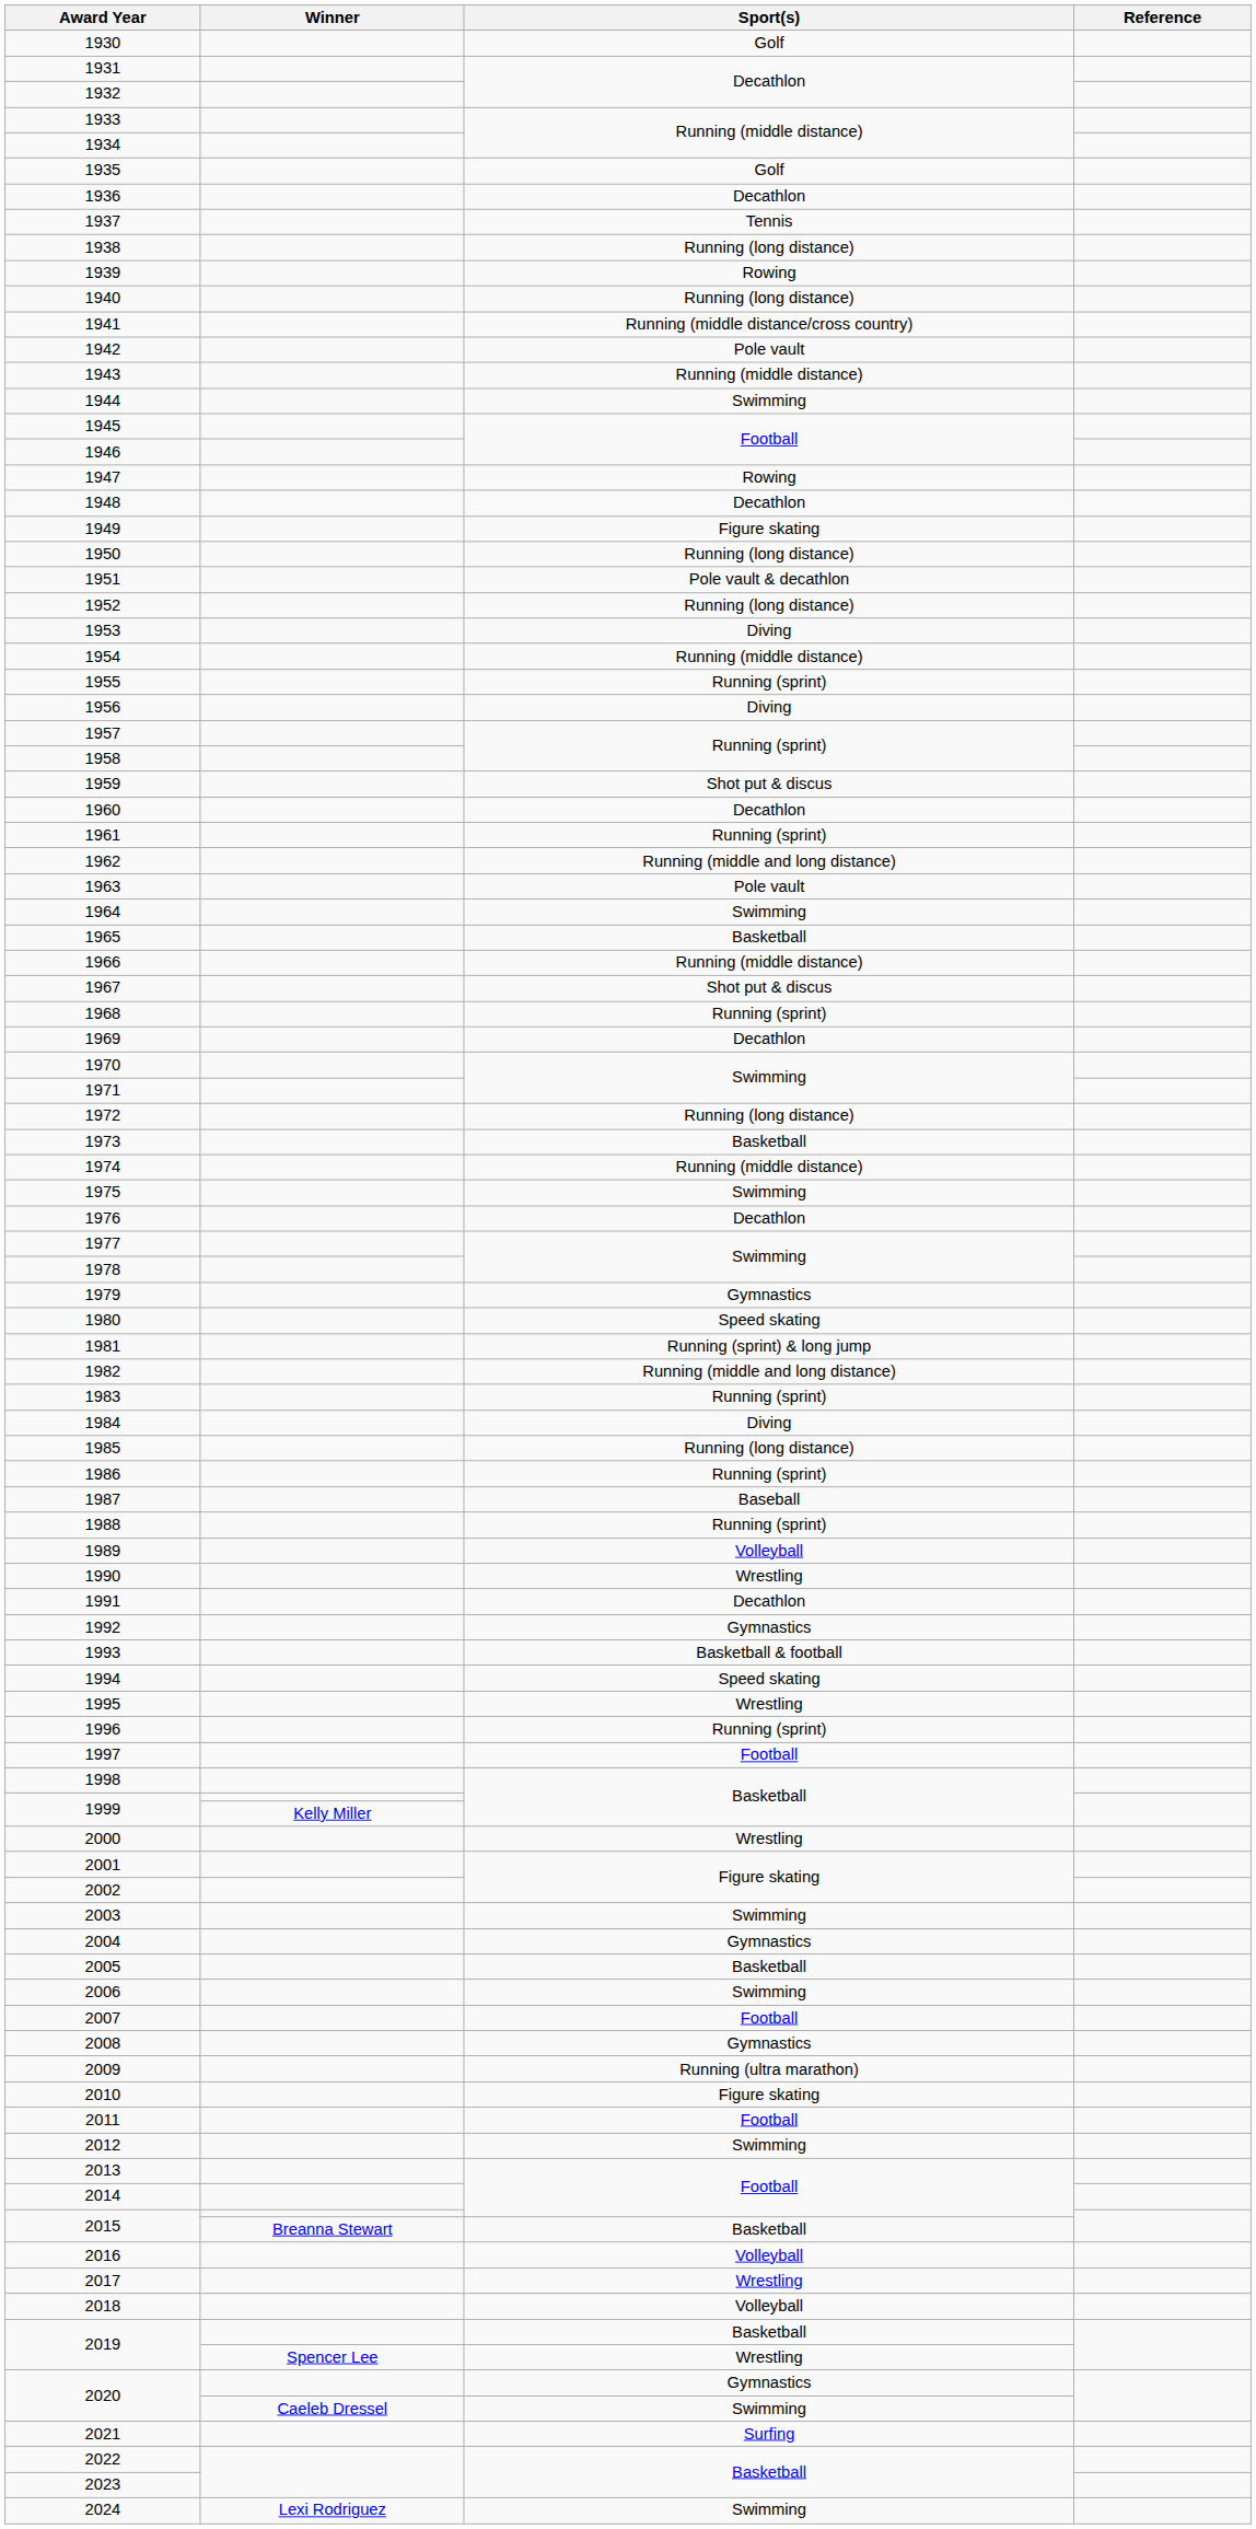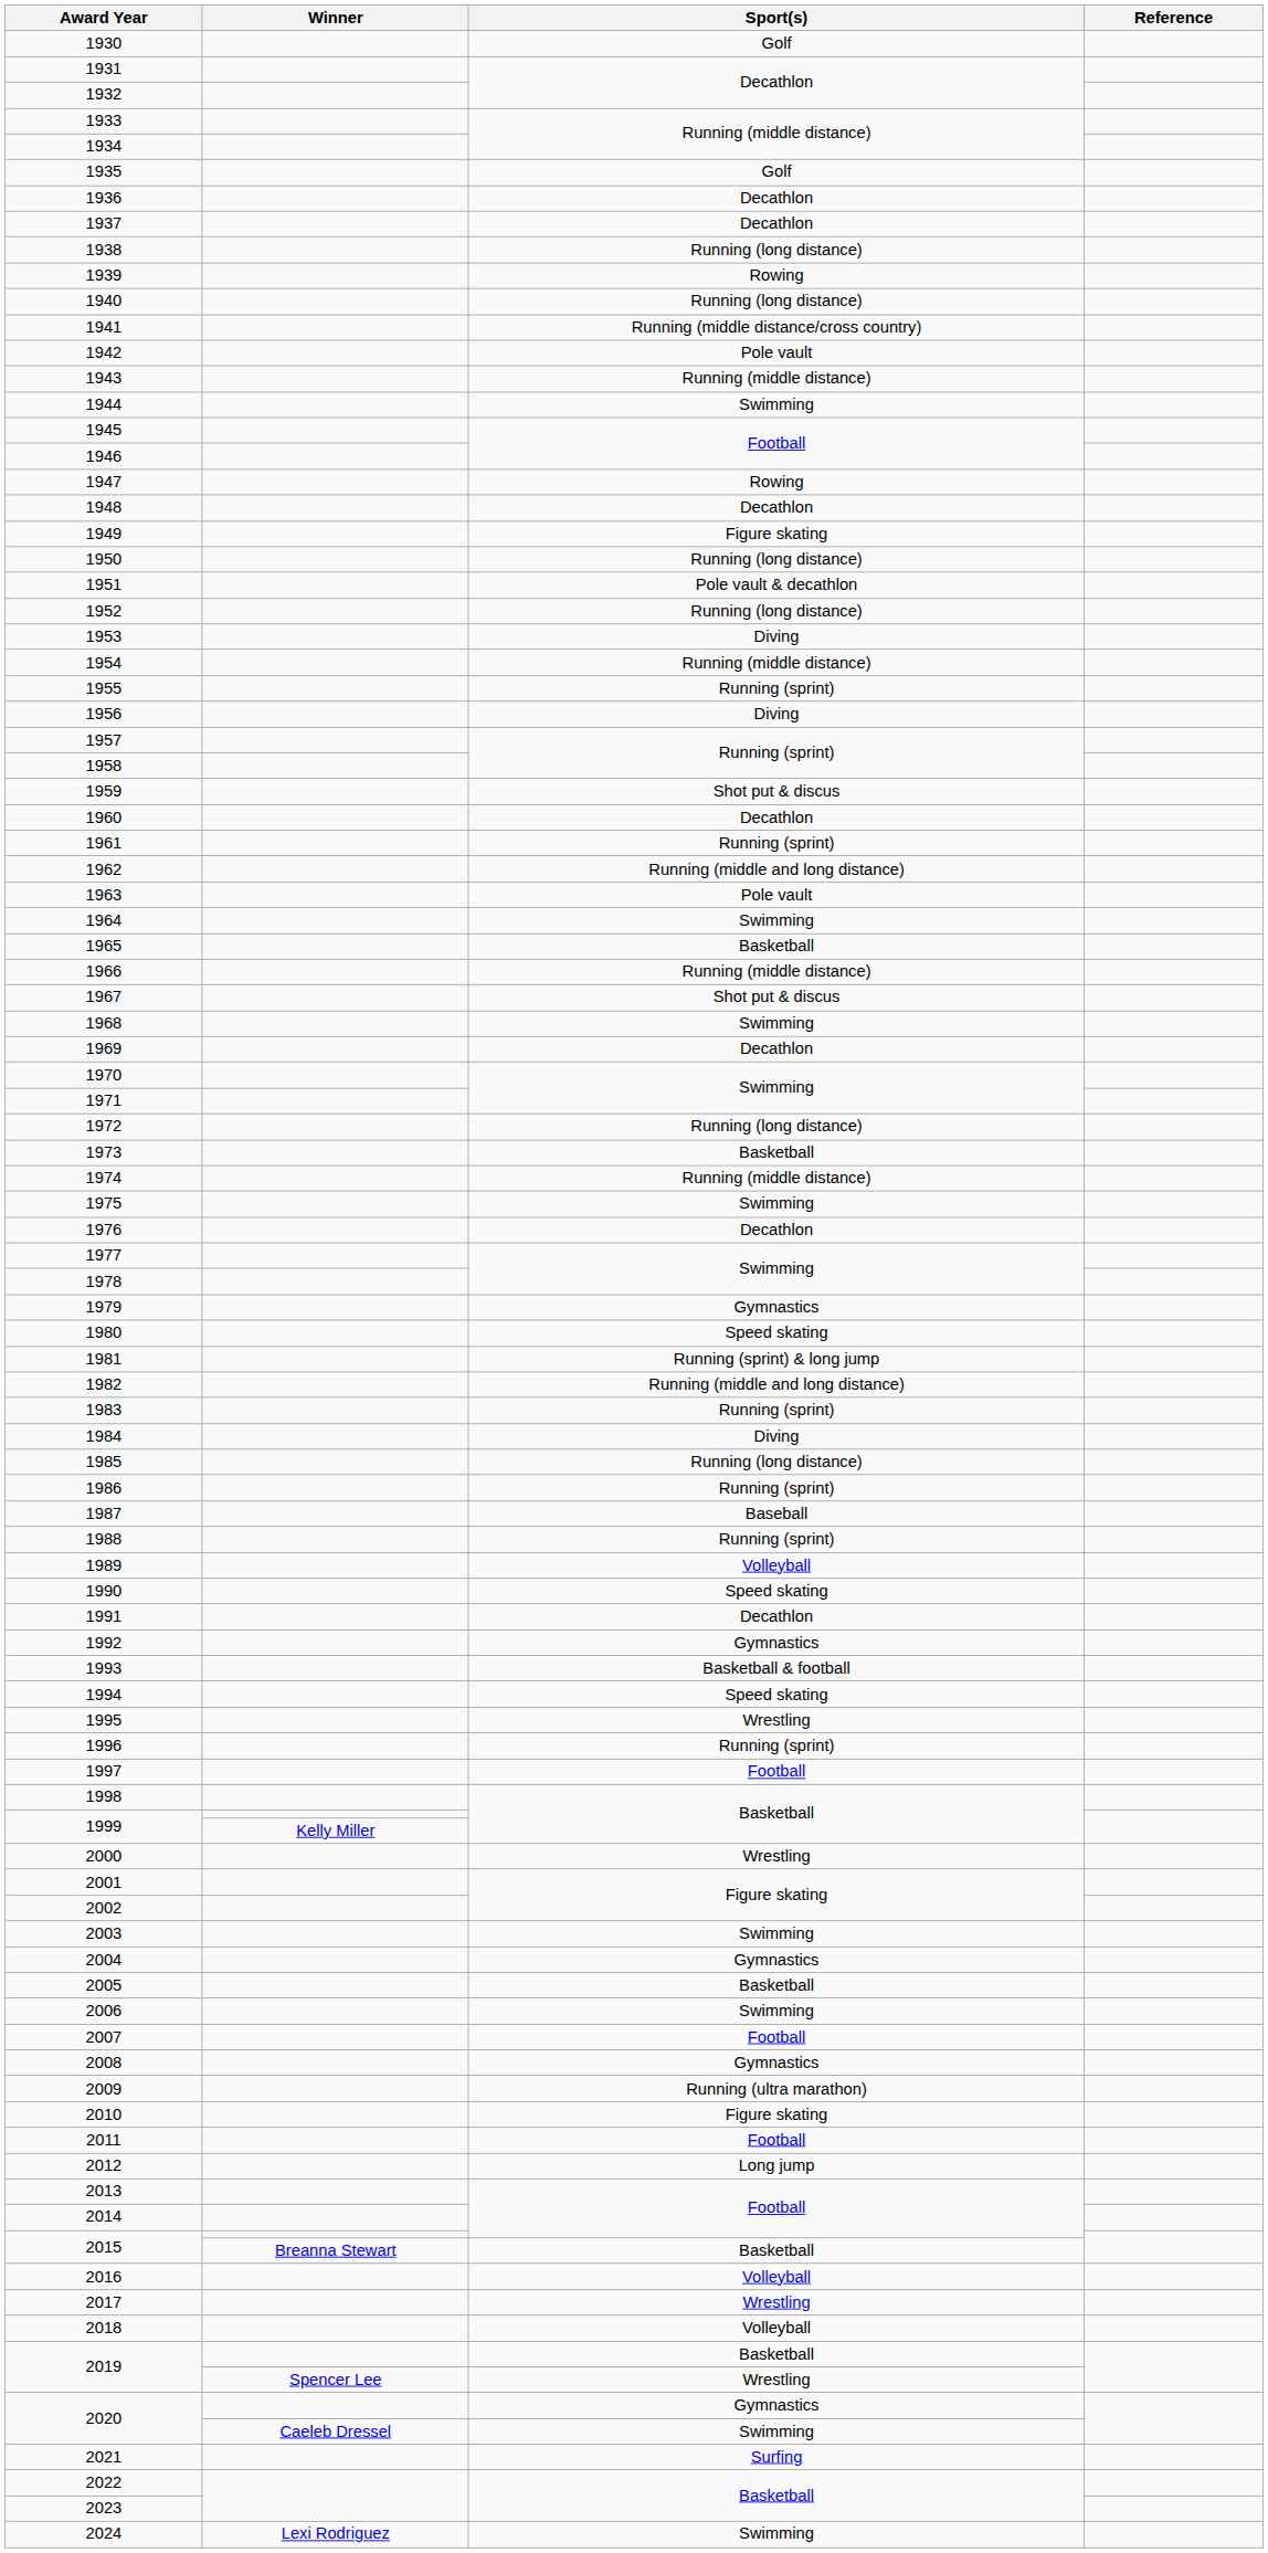 <table class="wikitable sortable plainrowheaders" align="center" style="width:98%;">
 <tr>
 <th scope=col>Award Year</th>
 <th scope=col>Winner</th>
 <th scope=col>Sport(s)</th>
 <th scope=col class="unsortable">Reference</th>
 </tr>
 <tr align=center>
 <td>1930</td>
 <td></td>
 <td>Golf</td>
 <td></td>
 </tr>
 <tr align=center>
 <td>1931</td>
 <td></td>
 <td rowspan=2>Decathlon</td>
 <td></td>
 </tr>
 <tr align=center>
 <td>1932</td>
 <td></td>
 <td></td>
 </tr>
 <tr align=center>
 <td>1933</td>
 <td></td>
 <td rowspan=2>Running (middle distance)</td>
 <td></td>
 </tr>
 <tr align=center>
 <td>1934</td>
 <td></td>
 <td></td>
 </tr>
 <tr align=center>
 <td>1935</td>
 <td></td>
 <td>Golf</td>
 <td></td>
 </tr>
 <tr align=center>
 <td>1936</td>
 <td></td>
 <td>Decathlon</td>
 <td></td>
 </tr>
 <tr align=center>
 <td>1937</td>
 <td></td>
-<td>Tennis</td>
+<td>Decathlon</td>
 <td></td>
 </tr>
 <tr align=center>
 <td>1938</td>
 <td></td>
 <td>Running (long distance)</td>
 <td></td>
 </tr>
 <tr align=center>
 <td>1939</td>
 <td></td>
 <td>Rowing</td>
 <td></td>
 </tr>
 <tr align=center>
 <td>1940</td>
 <td></td>
 <td>Running (long distance)</td>
 <td></td>
 </tr>
 <tr align=center>
 <td>1941</td>
 <td></td>
 <td>Running (middle distance/cross country)</td>
 <td></td>
 </tr>
 <tr align=center>
 <td>1942</td>
 <td></td>
 <td>Pole vault</td>
 <td></td>
 </tr>
 <tr align=center>
 <td>1943</td>
 <td></td>
 <td>Running (middle distance)</td>
 <td></td>
 </tr>
 <tr align=center>
 <td>1944</td>
 <td></td>
 <td>Swimming</td>
 <td></td>
 </tr>
 <tr align=center>
 <td>1945</td>
 <td></td>
 <td rowspan=2><a href='#'>Football</a></td>
 <td></td>
 </tr>
 <tr align=center>
 <td>1946</td>
 <td></td>
 <td></td>
 </tr>
 <tr align=center>
 <td>1947</td>
 <td></td>
 <td>Rowing</td>
 <td></td>
 </tr>
 <tr align=center>
 <td>1948</td>
 <td></td>
 <td>Decathlon</td>
 <td></td>
 </tr>
 <tr align=center>
 <td>1949</td>
 <td></td>
 <td>Figure skating</td>
 <td></td>
 </tr>
 <tr align=center>
 <td>1950</td>
 <td></td>
 <td>Running (long distance)</td>
 <td></td>
 </tr>
 <tr align=center>
 <td>1951</td>
 <td></td>
 <td>Pole vault & decathlon</td>
 <td></td>
 </tr>
 <tr align=center>
 <td>1952</td>
 <td></td>
 <td>Running (long distance)</td>
 <td></td>
 </tr>
 <tr align=center>
 <td>1953</td>
 <td></td>
 <td>Diving</td>
 <td></td>
 </tr>
 <tr align=center>
 <td>1954</td>
 <td></td>
 <td>Running (middle distance)</td>
 <td></td>
 </tr>
 <tr align=center>
 <td>1955</td>
 <td></td>
 <td>Running (sprint)</td>
 <td></td>
 </tr>
 <tr align=center>
 <td>1956</td>
 <td></td>
 <td>Diving</td>
 <td></td>
 </tr>
 <tr align=center>
 <td>1957</td>
 <td></td>
 <td rowspan=2>Running (sprint)</td>
 <td></td>
 </tr>
 <tr align=center>
 <td>1958</td>
 <td></td>
 <td></td>
 </tr>
 <tr align=center>
 <td>1959</td>
 <td></td>
 <td>Shot put & discus</td>
 <td></td>
 </tr>
 <tr align=center>
 <td>1960</td>
 <td></td>
 <td>Decathlon</td>
 <td></td>
 </tr>
 <tr align=center>
 <td>1961</td>
 <td></td>
 <td>Running (sprint)</td>
 <td></td>
 </tr>
 <tr align=center>
 <td>1962</td>
 <td></td>
 <td>Running (middle and long distance)</td>
 <td></td>
 </tr>
 <tr align=center>
 <td>1963</td>
 <td></td>
 <td>Pole vault</td>
 <td></td>
 </tr>
 <tr align=center>
 <td>1964</td>
 <td></td>
 <td>Swimming</td>
 <td></td>
 </tr>
 <tr align=center>
 <td>1965</td>
 <td></td>
 <td>Basketball</td>
 <td></td>
 </tr>
 <tr align=center>
 <td>1966</td>
 <td></td>
 <td>Running (middle distance)</td>
 <td></td>
 </tr>
 <tr align=center>
 <td>1967</td>
 <td></td>
 <td>Shot put & discus</td>
 <td></td>
 </tr>
 <tr align=center>
 <td>1968</td>
 <td></td>
-<td>Running (sprint)</td>
+<td>Swimming</td>
 <td></td>
 </tr>
 <tr align=center>
 <td>1969</td>
 <td></td>
 <td>Decathlon</td>
 <td></td>
 </tr>
 <tr align=center>
 <td>1970</td>
 <td></td>
 <td rowspan=2>Swimming</td>
 <td></td>
 </tr>
 <tr align=center>
 <td>1971</td>
 <td></td>
 <td></td>
 </tr>
 <tr align=center>
 <td>1972</td>
 <td></td>
 <td>Running (long distance)</td>
 <td></td>
 </tr>
 <tr align=center>
 <td>1973</td>
 <td></td>
 <td>Basketball</td>
 <td></td>
 </tr>
 <tr align=center>
 <td>1974</td>
 <td></td>
 <td>Running (middle distance)</td>
 <td></td>
 </tr>
 <tr align=center>
 <td>1975</td>
 <td></td>
 <td>Swimming</td>
 <td></td>
 </tr>
 <tr align=center>
 <td>1976</td>
 <td> </td>
 <td>Decathlon</td>
 <td></td>
 </tr>
 <tr align=center>
 <td>1977</td>
 <td></td>
 <td rowspan=2>Swimming</td>
 <td></td>
 </tr>
 <tr align=center>
 <td>1978</td>
 <td></td>
 <td></td>
 </tr>
 <tr align=center>
 <td>1979</td>
 <td></td>
 <td>Gymnastics</td>
 <td></td>
 </tr>
 <tr align=center>
 <td>1980</td>
 <td></td>
 <td>Speed skating</td>
 <td></td>
 </tr>
 <tr align=center>
 <td>1981</td>
 <td></td>
 <td>Running (sprint) & long jump</td>
 <td></td>
 </tr>
 <tr align=center>
 <td>1982</td>
 <td></td>
 <td>Running (middle and long distance)</td>
 <td></td>
 </tr>
 <tr align=center>
 <td>1983</td>
 <td></td>
 <td>Running (sprint)</td>
 <td></td>
 </tr>
 <tr align=center>
 <td>1984</td>
 <td></td>
 <td>Diving</td>
 <td></td>
 </tr>
 <tr align=center>
 <td>1985</td>
 <td></td>
 <td>Running (long distance)</td>
 <td></td>
 </tr>
 <tr align=center>
 <td>1986</td>
 <td></td>
 <td>Running (sprint)</td>
 <td></td>
 </tr>
 <tr align=center>
 <td>1987</td>
 <td></td>
 <td>Baseball</td>
 <td></td>
 </tr>
 <tr align=center>
 <td>1988</td>
 <td></td>
 <td>Running (sprint)</td>
 <td></td>
 </tr>
 <tr align=center>
 <td>1989</td>
 <td></td>
 <td><a href='#'>Volleyball</a></td>
 <td></td>
 </tr>
 <tr align=center>
 <td>1990</td>
 <td></td>
-<td>Wrestling</td>
+<td>Speed skating</td>
 <td></td>
 </tr>
 <tr align=center>
 <td>1991</td>
 <td></td>
 <td>Decathlon</td>
 <td></td>
 </tr>
 <tr align=center>
 <td>1992</td>
 <td></td>
 <td>Gymnastics</td>
 <td></td>
 </tr>
 <tr align=center>
 <td>1993</td>
 <td></td>
 <td>Basketball & football</td>
 <td></td>
 </tr>
 <tr align=center>
 <td>1994</td>
 <td></td>
 <td>Speed skating</td>
 <td></td>
 </tr>
 <tr align=center>
 <td>1995</td>
 <td></td>
 <td>Wrestling</td>
 <td></td>
 </tr>
 <tr align=center>
 <td>1996</td>
 <td></td>
 <td>Running (sprint)</td>
 <td></td>
 </tr>
 <tr align=center>
 <td>1997</td>
 <td></td>
 <td><a href='#'>Football</a></td>
 <td></td>
 </tr>
 <tr align=center>
 <td>1998</td>
 <td></td>
 <td rowspan=3>Basketball</td>
 <td></td>
 </tr>
 <tr align=center>
 <td rowspan=2>1999</td>
 <td></td>
 <td rowspan=2></td>
 </tr>
 <tr align=center>
 <td><a href='#'>Kelly Miller</a></td>
 </tr>
 <tr align=center>
 <td>2000</td>
 <td></td>
 <td>Wrestling</td>
 <td></td>
 </tr>
 <tr align=center>
 <td>2001</td>
 <td></td>
 <td rowspan=2>Figure skating</td>
 <td></td>
 </tr>
 <tr align=center>
 <td>2002</td>
 <td></td>
 <td></td>
 </tr>
 <tr align=center>
 <td>2003</td>
 <td></td>
 <td>Swimming</td>
 <td></td>
 </tr>
 <tr align=center>
 <td>2004</td>
 <td></td>
 <td>Gymnastics</td>
 <td></td>
 </tr>
 <tr align=center>
 <td>2005</td>
 <td></td>
 <td>Basketball</td>
 <td></td>
 </tr>
 <tr align=center>
 <td>2006</td>
 <td></td>
 <td>Swimming</td>
 <td></td>
 </tr>
 <tr align=center>
 <td>2007</td>
 <td></td>
 <td><a href='#'>Football</a></td>
 <td></td>
 </tr>
 <tr align=center>
 <td>2008</td>
 <td></td>
 <td>Gymnastics</td>
 <td></td>
 </tr>
 <tr align=center>
 <td>2009</td>
 <td></td>
 <td>Running (ultra marathon)</td>
 <td></td>
 </tr>
 <tr align=center>
 <td>2010</td>
 <td></td>
 <td>Figure skating</td>
 <td></td>
 </tr>
 <tr align=center>
 <td>2011</td>
 <td></td>
 <td><a href='#'>Football</a></td>
 <td></td>
 </tr>
 <tr align=center>
 <td>2012</td>
 <td></td>
-<td>Swimming</td>
+<td>Long jump</td>
 <td></td>
 </tr>
 <tr align=center>
 <td>2013</td>
 <td></td>
 <td rowspan=3><a href='#'>Football</a></td>
 <td></td>
 </tr>
 <tr align=center>
 <td>2014</td>
 <td></td>
 <td></td>
 </tr>
 <tr align=center>
 <td rowspan=2>2015</td>
 <td></td>
 <td rowspan=2></td>
 </tr>
 <tr align=center>
 <td><a href='#'>Breanna Stewart</a></td>
 <td>Basketball</td>
 </tr>
 <tr align=center>
 <td>2016</td>
 <td></td>
 <td><a href='#'>Volleyball</a></td>
 <td></td>
 </tr>
 <tr align=center>
 <td>2017</td>
 <td></td>
 <td><a href='#'>Wrestling</a></td>
 <td></td>
 </tr>
 <tr align=center>
 <td>2018</td>
 <td></td>
 <td>Volleyball</td>
 <td></td>
 </tr>
 <tr align=center>
 <td rowspan=2>2019</td>
 <td></td>
 <td>Basketball</td>
 <td rowspan=2></td>
 </tr>
 <tr align=center>
 <td><a href='#'>Spencer Lee</a></td>
 <td>Wrestling</td>
 </tr>
 <tr align=center>
 <td rowspan=2>2020</td>
 <td></td>
 <td>Gymnastics</td>
 <td rowspan=2></td>
 </tr>
 <tr align=center>
 <td><a href='#'>Caeleb Dressel</a></td>
 <td>Swimming</td>
 </tr>
 <tr align=center>
 <td>2021</td>
 <td></td>
 <td><a href='#'>Surfing</a></td>
 <td></td>
 </tr>
 <tr align=center>
 <td>2022</td>
 <td rowspan=2></td>
 <td rowspan=2><a href='#'>Basketball</a></td>
 <td></td>
 </tr>
 <tr align=center>
 <td>2023</td>
 <td></td>
 </tr>
 <tr align=center>
 <td>2024</td>
 <td><a href='#'>Lexi Rodriguez</a></td>
 <td>Swimming</td>
 <td></td>
 </tr>
 </table>
